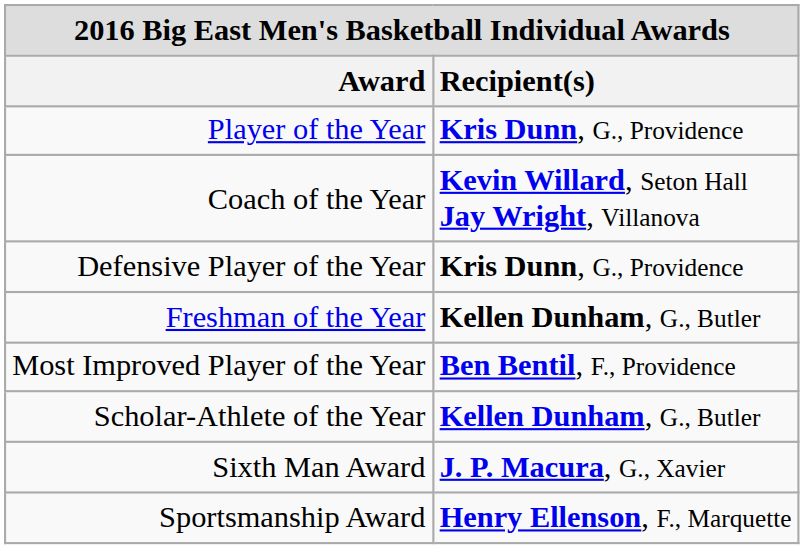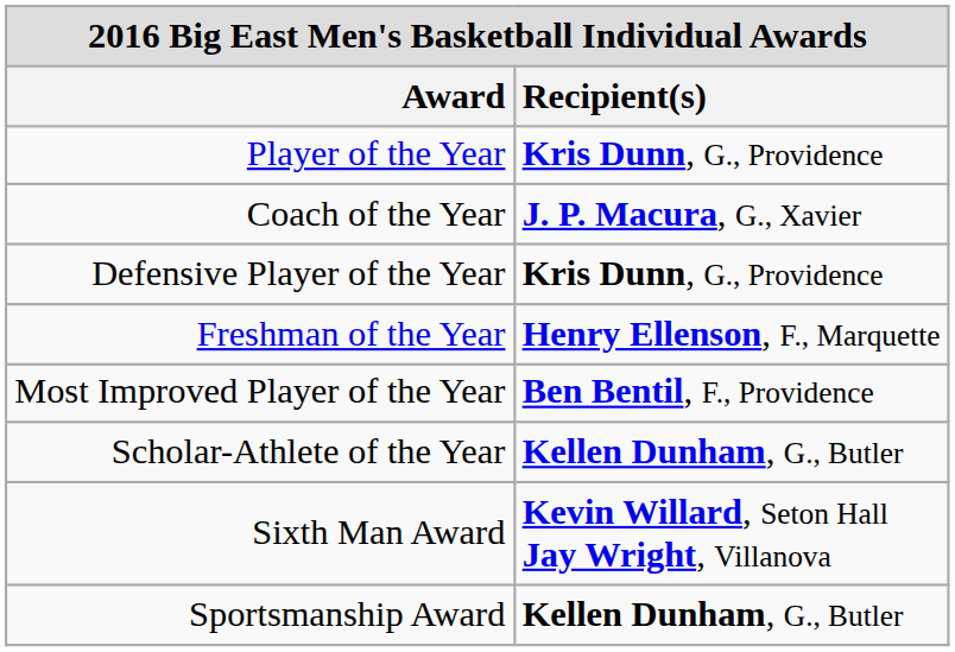 <table class="wikitable" style="white-space:nowrap; font-size:90%;">
 <tr>
 <td colspan="7" style="text-align:center; background:#ddd;"><strong>2016 Big East Men's Basketball Individual Awards</strong></td>
 </tr>
 <tr>
 <th style="text-align:right;">Award</th>
 <th style="text-align:left;">Recipient(s)</th>
 </tr>
 <tr>
 <td style="text-align:right;"><a href='#'>Player of the Year</a></td>
 <td style="text-align:left;"><strong><a href='#'>Kris Dunn</a></strong>, <small>G., Providence</small><br></td>
 </tr>
 <tr>
 <td style="text-align:right;">Coach of the Year</td>
-<td style="text-align:left;"><strong><a href='#'>Kevin Willard</a></strong>, <small>Seton Hall</small><br><strong><a href='#'>Jay Wright</a></strong>, <small>Villanova</small><br></td>
+<td style="text-align:left;"><strong><a href='#'>J. P. Macura</a></strong>, <small>G., Xavier</small><br></td>
 </tr>
 <tr>
 <td style="text-align:right;">Defensive Player of the Year</td>
 <td style="text-align:left;"><strong>Kris Dunn</strong>, <small>G., Providence</small><br></td>
 </tr>
 <tr>
 <td style="text-align:right;"><a href='#'>Freshman of the Year</a></td>
-<td style="text-align:left;"><strong>Kellen Dunham</strong>, <small>G., Butler</small><br></td>
+<td style="text-align:left;"><strong><a href='#'>Henry Ellenson</a></strong>, <small>F., Marquette</small><br></td>
 </tr>
 <tr>
 <td style="text-align:right;">Most Improved Player of the Year</td>
 <td style="text-align:left;"><strong><a href='#'>Ben Bentil</a></strong>, <small>F., Providence</small><br></td>
 </tr>
 <tr>
 <td style="text-align:right;">Scholar-Athlete of the Year</td>
 <td style="text-align:left;"><strong><a href='#'>Kellen Dunham</a></strong>, <small>G., Butler</small><br></td>
 </tr>
 <tr>
 <td style="text-align:right;">Sixth Man Award</td>
-<td style="text-align:left;"><strong><a href='#'>J. P. Macura</a></strong>, <small>G., Xavier</small><br></td>
+<td style="text-align:left;"><strong><a href='#'>Kevin Willard</a></strong>, <small>Seton Hall</small><br><strong><a href='#'>Jay Wright</a></strong>, <small>Villanova</small><br></td>
 </tr>
 <tr>
 <td style="text-align:right;">Sportsmanship Award</td>
-<td style="text-align:left;"><strong><a href='#'>Henry Ellenson</a></strong>, <small>F., Marquette</small><br></td>
+<td style="text-align:left;"><strong>Kellen Dunham</strong>, <small>G., Butler</small><br></td>
 </tr>
 </table>
